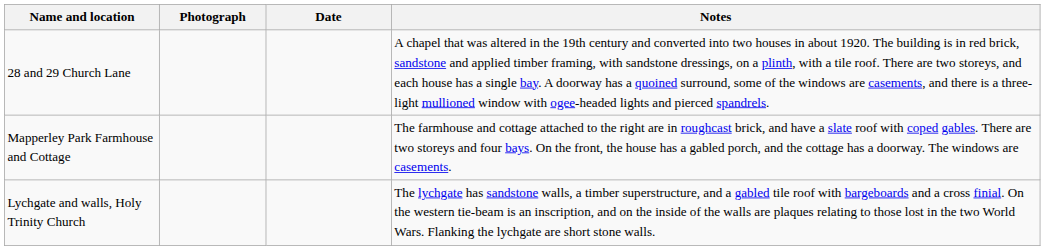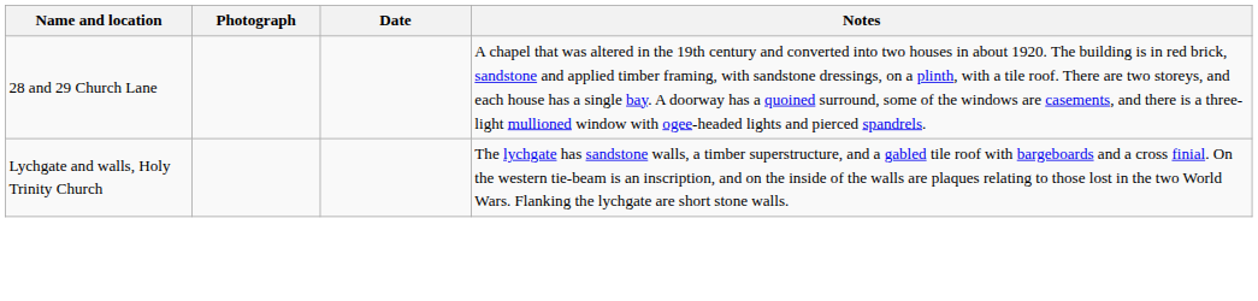 <table class="wikitable sortable plainrowheaders" style="width:100%;border:0px;text-align:left;line-height:150%;">
 <tr>
 <th scope="col"  style="width:150px">Name and location</th>
 <th scope="col"  style="width:100px" class="unsortable">Photograph</th>
 <th scope="col"  style="width:120px">Date</th>
 <th scope="col"  style="width:650px" class="unsortable">Notes</th>
 </tr>
 <tr>
 <td>28 and 29 Church Lane<br><small></small></td>
 <td></td>
 <td align="center"></td>
 <td>A chapel that was altered in the 19th century and converted into two houses in about 1920.  The building is in red brick, <a href='#'>sandstone</a> and applied timber framing, with sandstone dressings, on a <a href='#'>plinth</a>, with a tile roof.  There are two storeys, and each house has a single <a href='#'>bay</a>.  A doorway has a <a href='#'>quoined</a> surround, some of the windows are <a href='#'>casements</a>, and there is a three-light <a href='#'>mullioned</a> window with <a href='#'>ogee</a>-headed lights and pierced <a href='#'>spandrels</a>.</td>
 </tr>
 <tr>
-<td>Mapperley Park Farmhouse and Cottage<br><small></small></td>
-<td></td>
-<td align="center"></td>
-<td>The farmhouse and cottage attached to the right are in <a href='#'>roughcast</a> brick, and have a <a href='#'>slate</a> roof with <a href='#'>coped</a> <a href='#'>gables</a>.  There are two storeys and four <a href='#'>bays</a>.  On the front, the house has a gabled porch, and the cottage has a doorway. The windows are <a href='#'>casements</a>.</td>
-</tr>
-<tr>
 <td>Lychgate and walls, Holy Trinity Church<br><small></small></td>
 <td></td>
 <td align="center"></td>
 <td>The <a href='#'>lychgate</a> has <a href='#'>sandstone</a> walls, a timber superstructure, and a <a href='#'>gabled</a> tile roof with <a href='#'>bargeboards</a> and a cross <a href='#'>finial</a>.  On the western tie-beam is an inscription, and on the inside of the walls are plaques relating to those lost in the two World Wars.  Flanking the lychgate are short stone walls.</td>
 </tr>
 <tr>
 </tr>
 </table>
